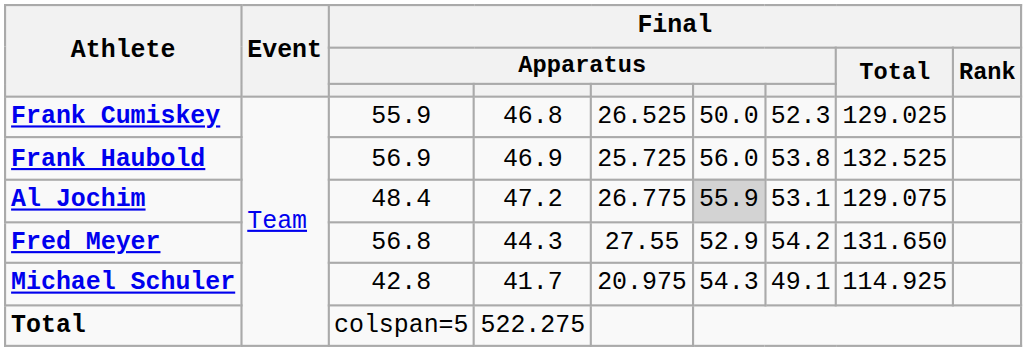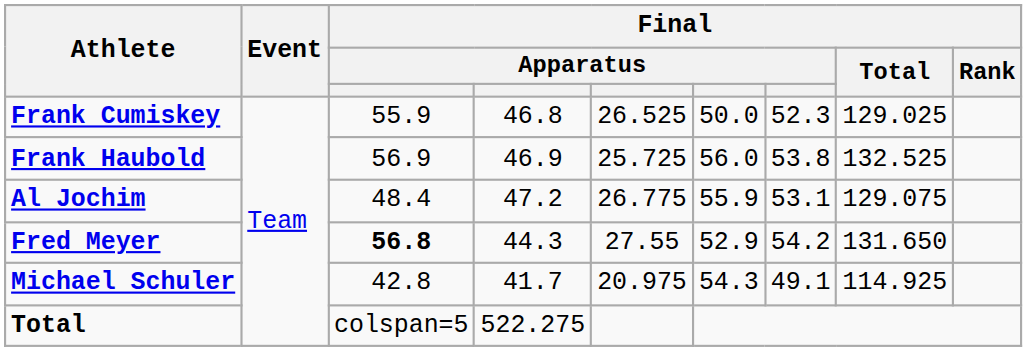 <table class="wikitable" style="font-size:90%">
 <tr>
 <th rowspan=3>Athlete</th>
 <th rowspan=3>Event</th>
 <th colspan =7>Final</th>
 </tr>
 <tr style="font-size:95%">
 <th colspan=5>Apparatus</th>
 <th rowspan=2>Total</th>
 <th rowspan=2>Rank</th>
 </tr>
 <tr style="font-size:95%">
 <th></th>
 <th></th>
 <th></th>
 <th></th>
 <th></th>
 </tr>
 <tr align=center>
 <td align=left><strong><a href='#'>Frank Cumiskey</a></strong></td>
 <td align=left rowspan=6><a href='#'>Team</a></td>
 <td>55.9</td>
 <td>46.8</td>
 <td>26.525</td>
 <td>50.0</td>
 <td>52.3</td>
 <td>129.025</td>
 <td></td>
 </tr>
 <tr align=center>
 <td align=left><strong><a href='#'>Frank Haubold</a></strong></td>
 <td>56.9</td>
 <td>46.9</td>
 <td>25.725</td>
 <td>56.0</td>
 <td>53.8</td>
 <td>132.525</td>
 <td></td>
 </tr>
 <tr align=center>
 <td align=left><strong><a href='#'>Al Jochim</a></strong></td>
 <td>48.4</td>
 <td>47.2</td>
 <td>26.775</td>
-<td style="background: lightgrey;">55.9</td>
+<td>55.9</td>
 <td>53.1</td>
 <td>129.075</td>
 <td></td>
 </tr>
 <tr align=center>
 <td align=left><strong><a href='#'>Fred Meyer</a></strong></td>
-<td>56.8</td>
+<td><strong>56.8</strong></td>
 <td>44.3</td>
 <td>27.55</td>
 <td>52.9</td>
 <td>54.2</td>
 <td>131.650</td>
 <td></td>
 </tr>
 <tr align=center>
 <td align=left><strong><a href='#'>Michael Schuler</a></strong></td>
 <td>42.8</td>
 <td>41.7</td>
 <td>20.975</td>
 <td>54.3</td>
 <td>49.1</td>
 <td>114.925</td>
 <td></td>
 </tr>
 <tr align=center>
 <td align=left><strong>Total</strong></td>
 <td>colspan=5 </td>
 <td>522.275</td>
 <td></td>
 </tr>
 </table>
